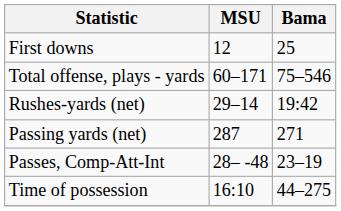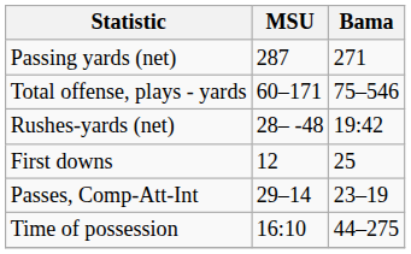 <table class="wikitable">
 <tr>
 <th>Statistic</th>
 <th><strong>MSU</strong></th>
 <th><strong>Bama</strong></th>
 </tr>
 <tr>
-<td>First downs</td>
-<td>12</td>
-<td>25</td>
+<td>Passing yards (net)</td>
+<td>287</td>
+<td>271</td>
 </tr>
 <tr>
 <td>Total offense, plays - yards</td>
 <td>60–171</td>
 <td>75–546</td>
 </tr>
 <tr>
 <td>Rushes-yards (net)</td>
-<td>29–14</td>
+<td>28– -48</td>
 <td>19:42</td>
 </tr>
 <tr>
-<td>Passing yards (net)</td>
-<td>287</td>
-<td>271</td>
+<td>First downs</td>
+<td>12</td>
+<td>25</td>
 </tr>
 <tr>
 <td>Passes, Comp-Att-Int</td>
-<td>28– -48</td>
+<td>29–14</td>
 <td>23–19</td>
 </tr>
 <tr>
 <td>Time of possession</td>
 <td>16:10</td>
 <td>44–275</td>
 </tr>
 <tr>
 </tr>
 </table>
